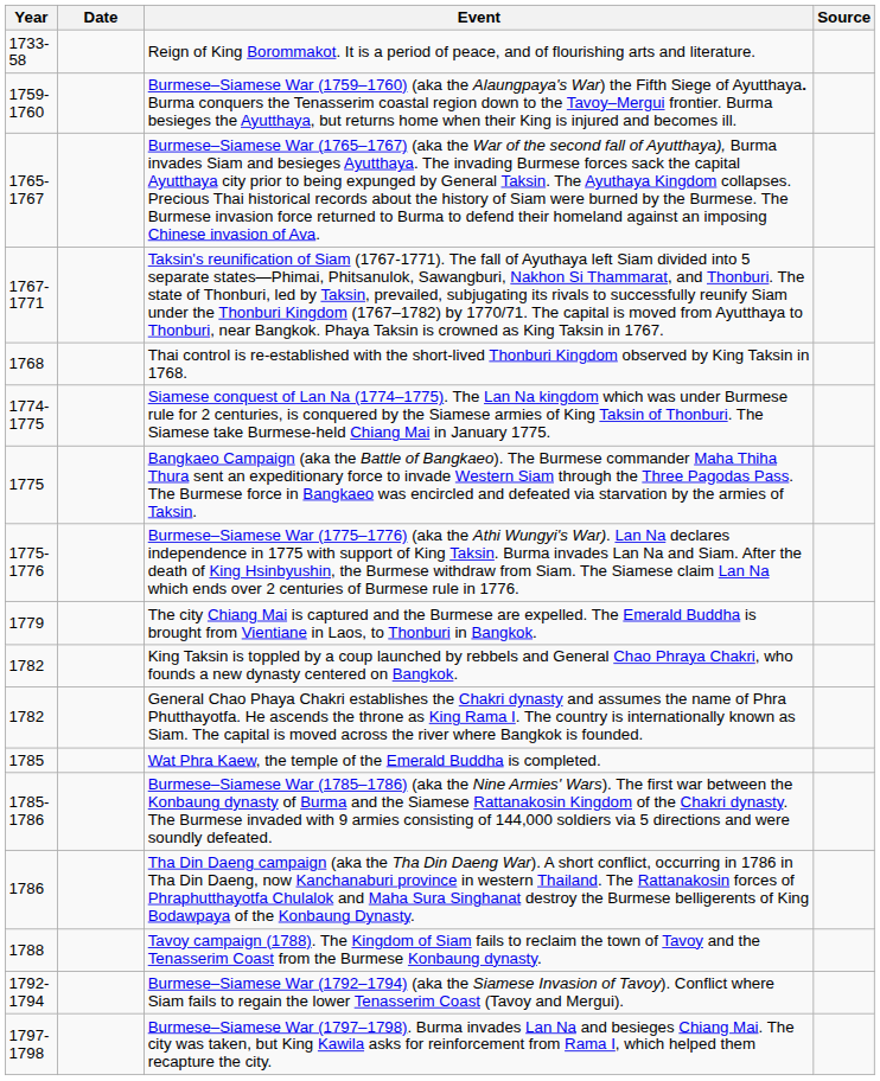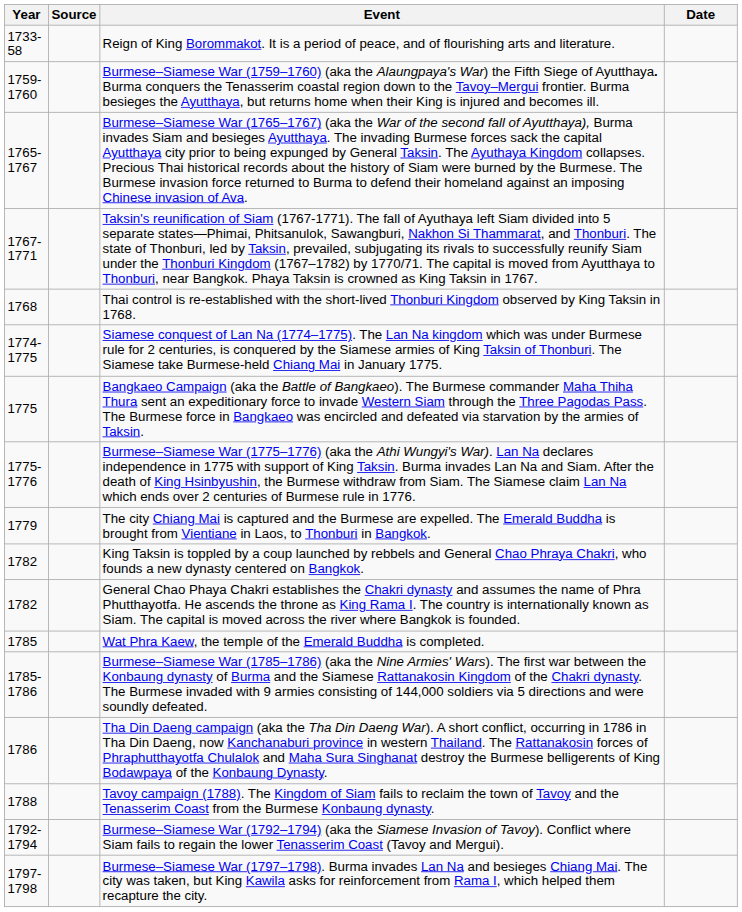 <table class="wikitable" width="100%">
 <tr>
 <th style="width:6%">Year</th>
+<th>Source</th>
+<th>Event</th>
 <th style="width:10%">Date</th>
-<th>Event</th>
-<th>Source</th>
 </tr>
 <tr>
 <td>1733-58</td>
 <td></td>
 <td>Reign of King <a href='#'>Borommakot</a>. It is a period of peace, and of flourishing arts and literature.</td>
 <td></td>
 </tr>
 <tr>
 <td>1759-1760</td>
 <td></td>
 <td><a href='#'>Burmese–Siamese War (1759–1760)</a> (aka the <em>Alaungpaya's War</em>) the Fifth Siege of Ayutthaya<strong>.</strong> Burma conquers the Tenasserim coastal region down to the <a href='#'>Tavoy–Mergui</a> frontier. Burma besieges the <a href='#'>Ayutthaya</a>, but returns home when their King is injured and becomes ill.</td>
 <td></td>
 </tr>
 <tr>
 <td>1765-1767</td>
 <td></td>
 <td><a href='#'>Burmese–Siamese War (1765–1767)</a> (aka the <em>War of the second fall of Ayutthaya),</em> Burma invades Siam and besieges <a href='#'>Ayutthaya</a>. The invading Burmese forces sack the capital <a href='#'>Ayutthaya</a> city prior to being expunged by General <a href='#'>Taksin</a>. The <a href='#'>Ayuthaya Kingdom</a> collapses. Precious Thai historical records about the history of Siam were burned by the Burmese. The Burmese invasion force returned to Burma to defend their homeland against an imposing <a href='#'>Chinese invasion of Ava</a>.</td>
 <td></td>
 </tr>
 <tr>
 <td>1767-1771</td>
 <td></td>
 <td><a href='#'>Taksin's reunification of Siam</a> (1767-1771). The fall of Ayuthaya left Siam divided into 5 separate states—Phimai, Phitsanulok, Sawangburi, <a href='#'>Nakhon Si Thammarat</a>, and <a href='#'>Thonburi</a>. The state of Thonburi, led by <a href='#'>Taksin</a>, prevailed, subjugating its rivals to successfully reunify Siam under the <a href='#'>Thonburi Kingdom</a> (1767–1782) by 1770/71. The capital is moved from Ayutthaya to <a href='#'>Thonburi</a>, near Bangkok. Phaya Taksin is crowned as King Taksin in 1767.</td>
 <td></td>
 </tr>
 <tr>
 <td>1768</td>
 <td></td>
 <td>Thai control is re-established with the short-lived <a href='#'>Thonburi Kingdom</a> observed by King Taksin in 1768.</td>
 <td></td>
 </tr>
 <tr>
 <td>1774-1775</td>
 <td></td>
 <td><a href='#'>Siamese conquest of Lan Na (1774–1775)</a>. The <a href='#'>Lan Na kingdom</a> which was under Burmese rule for 2 centuries, is conquered by the Siamese armies of King <a href='#'>Taksin of Thonburi</a>. The Siamese take Burmese-held <a href='#'>Chiang Mai</a> in January 1775.</td>
 <td></td>
 </tr>
 <tr>
 <td>1775</td>
 <td></td>
 <td><a href='#'>Bangkaeo Campaign</a> (aka the <em>Battle of Bangkaeo</em>). The Burmese commander <a href='#'>Maha Thiha Thura</a> sent an expeditionary force to invade <a href='#'>Western Siam</a> through the <a href='#'>Three Pagodas Pass</a>. The Burmese force in <a href='#'>Bangkaeo</a> was encircled and defeated via starvation by the armies of <a href='#'>Taksin</a>.</td>
 <td></td>
 </tr>
 <tr>
 <td>1775-1776</td>
 <td></td>
 <td><a href='#'>Burmese–Siamese War (1775–1776)</a> (aka the <em>Athi Wungyi's War)</em>. <a href='#'>Lan Na</a> declares independence in 1775 with support of King <a href='#'>Taksin</a>. Burma invades Lan Na and Siam. After the death of <a href='#'>King Hsinbyushin</a>, the Burmese withdraw from Siam. The Siamese claim <a href='#'>Lan Na</a> which ends over 2 centuries of Burmese rule in 1776.</td>
 <td></td>
 </tr>
 <tr>
 <td>1779</td>
 <td></td>
 <td>The city <a href='#'>Chiang Mai</a> is captured and the Burmese are expelled. The <a href='#'>Emerald Buddha</a> is brought from <a href='#'>Vientiane</a> in Laos, to <a href='#'>Thonburi</a> in <a href='#'>Bangkok</a>.</td>
 <td></td>
 </tr>
 <tr>
 <td>1782</td>
 <td></td>
 <td>King Taksin is toppled by a coup launched by rebbels and General <a href='#'>Chao Phraya Chakri</a>, who founds a new dynasty centered on <a href='#'>Bangkok</a>.</td>
 <td></td>
 </tr>
 <tr>
 <td>1782</td>
 <td></td>
 <td>General Chao Phaya Chakri establishes the <a href='#'>Chakri dynasty</a> and assumes the name of Phra Phutthayotfa. He ascends the throne as <a href='#'>King Rama I</a>. The country is internationally known as Siam. The capital is moved across the river where Bangkok is founded.</td>
 <td></td>
 </tr>
 <tr>
 <td>1785</td>
 <td></td>
 <td><a href='#'>Wat Phra Kaew</a>, the temple of the <a href='#'>Emerald Buddha</a> is completed.</td>
 <td></td>
 </tr>
 <tr>
 <td>1785-1786</td>
 <td></td>
 <td><a href='#'>Burmese–Siamese War (1785–1786)</a> (aka the <em>Nine Armies' Wars</em>). The first war between the <a href='#'>Konbaung dynasty</a> of <a href='#'>Burma</a> and the Siamese <a href='#'>Rattanakosin Kingdom</a> of the <a href='#'>Chakri dynasty</a>. The Burmese invaded with 9 armies consisting of 144,000 soldiers via 5 directions and were soundly defeated.</td>
 <td></td>
 </tr>
 <tr>
 <td>1786</td>
 <td></td>
 <td><a href='#'>Tha Din Daeng campaign</a> (aka the <em>Tha Din Daeng War</em>). A short conflict, occurring in 1786 in Tha Din Daeng, now <a href='#'>Kanchanaburi province</a> in western <a href='#'>Thailand</a>. The  <a href='#'>Rattanakosin</a> forces of <a href='#'>Phraphutthayotfa Chulalok</a> and <a href='#'>Maha Sura Singhanat</a> destroy the Burmese belligerents of King <a href='#'>Bodawpaya</a> of the <a href='#'>Konbaung Dynasty</a>.</td>
 <td></td>
 </tr>
 <tr>
 <td>1788</td>
 <td></td>
 <td><a href='#'>Tavoy campaign (1788)</a>. The <a href='#'>Kingdom of Siam</a> fails to reclaim the town of <a href='#'>Tavoy</a> and the <a href='#'>Tenasserim Coast</a> from the Burmese <a href='#'>Konbaung dynasty</a>.</td>
 <td></td>
 </tr>
 <tr>
 <td>1792-1794</td>
 <td></td>
 <td><a href='#'>Burmese–Siamese War (1792–1794)</a> (aka the <em>Siamese Invasion of Tavoy</em>). Conflict where Siam fails to regain the lower <a href='#'>Tenasserim Coast</a> (Tavoy and Mergui).</td>
 <td></td>
 </tr>
 <tr>
 <td>1797-1798</td>
 <td></td>
 <td><a href='#'>Burmese–Siamese War (1797–1798)</a>. Burma invades <a href='#'>Lan Na</a> and besieges <a href='#'>Chiang Mai</a>. The city was taken, but King <a href='#'>Kawila</a> asks for reinforcement from <a href='#'>Rama I</a>, which helped them recapture the city.</td>
 <td></td>
 </tr>
 </table>
